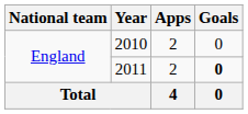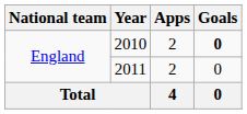 <table class=wikitable style=text-align:center>
 <tr>
 <th>National team</th>
 <th>Year</th>
 <th>Apps</th>
 <th>Goals</th>
 </tr>
 <tr>
 <td rowspan=2><a href='#'>England</a></td>
 <td>2010</td>
 <td>2</td>
-<td>0</td>
+<td><strong>0</strong></td>
 </tr>
 <tr>
 <td>2011</td>
 <td>2</td>
-<td><strong>0</strong></td>
+<td>0</td>
 </tr>
 <tr>
 <th colspan=2>Total</th>
 <th>4</th>
 <th>0</th>
 </tr>
 </table>
